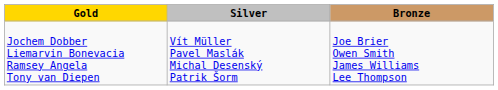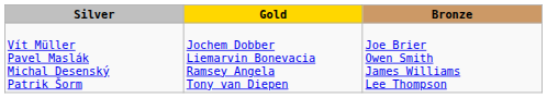 <table class="wikitable" style="text-align:left">
 <tr align="center">
+<td width=200 bgcolor=silver><strong>Silver</strong></td>
 <td width=200 bgcolor=gold><strong>Gold</strong></td>
-<td width=200 bgcolor=silver><strong>Silver</strong></td>
 <td width=200 bgcolor=CC9966><strong>Bronze</strong></td>
 </tr>
 <tr>
+<td><br><a href='#'>Vít Müller</a><br><a href='#'>Pavel Maslák</a><br><a href='#'>Michal Desenský</a><br><a href='#'>Patrik Šorm</a></td>
 <td><br><a href='#'>Jochem Dobber</a><br><a href='#'>Liemarvin Bonevacia</a><br><a href='#'>Ramsey Angela</a><br><a href='#'>Tony van Diepen</a></td>
-<td><br><a href='#'>Vít Müller</a><br><a href='#'>Pavel Maslák</a><br><a href='#'>Michal Desenský</a><br><a href='#'>Patrik Šorm</a></td>
 <td><br><a href='#'>Joe Brier</a><br><a href='#'>Owen Smith</a><br><a href='#'>James Williams</a><br><a href='#'>Lee Thompson</a></td>
 </tr>
 </table>
